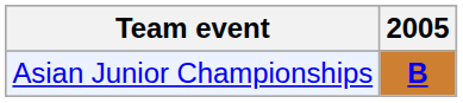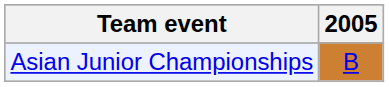 <table class="wikitable" style="font-size: 90%; text-align:center">
 <tr>
 <th>Team event</th>
 <th>2005</th>
 </tr>
 <tr>
 <td bgcolor="#ECF2FF"; align="left"><a href='#'>Asian Junior Championships</a></td>
-<td bgcolor=CD7F32><strong><a href='#'>B</a></strong></td>
+<td bgcolor=CD7F32><a href='#'>B</a></td>
 </tr>
 </table>
